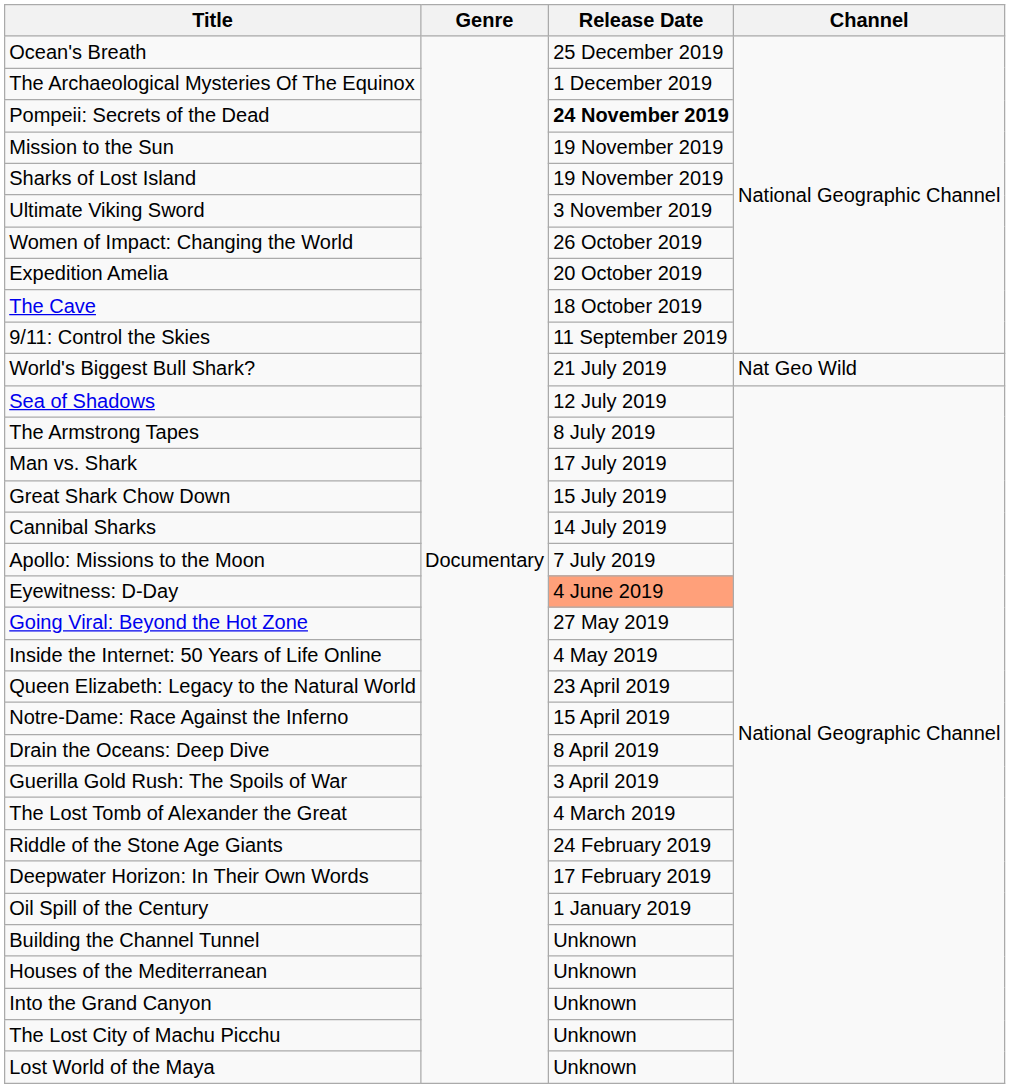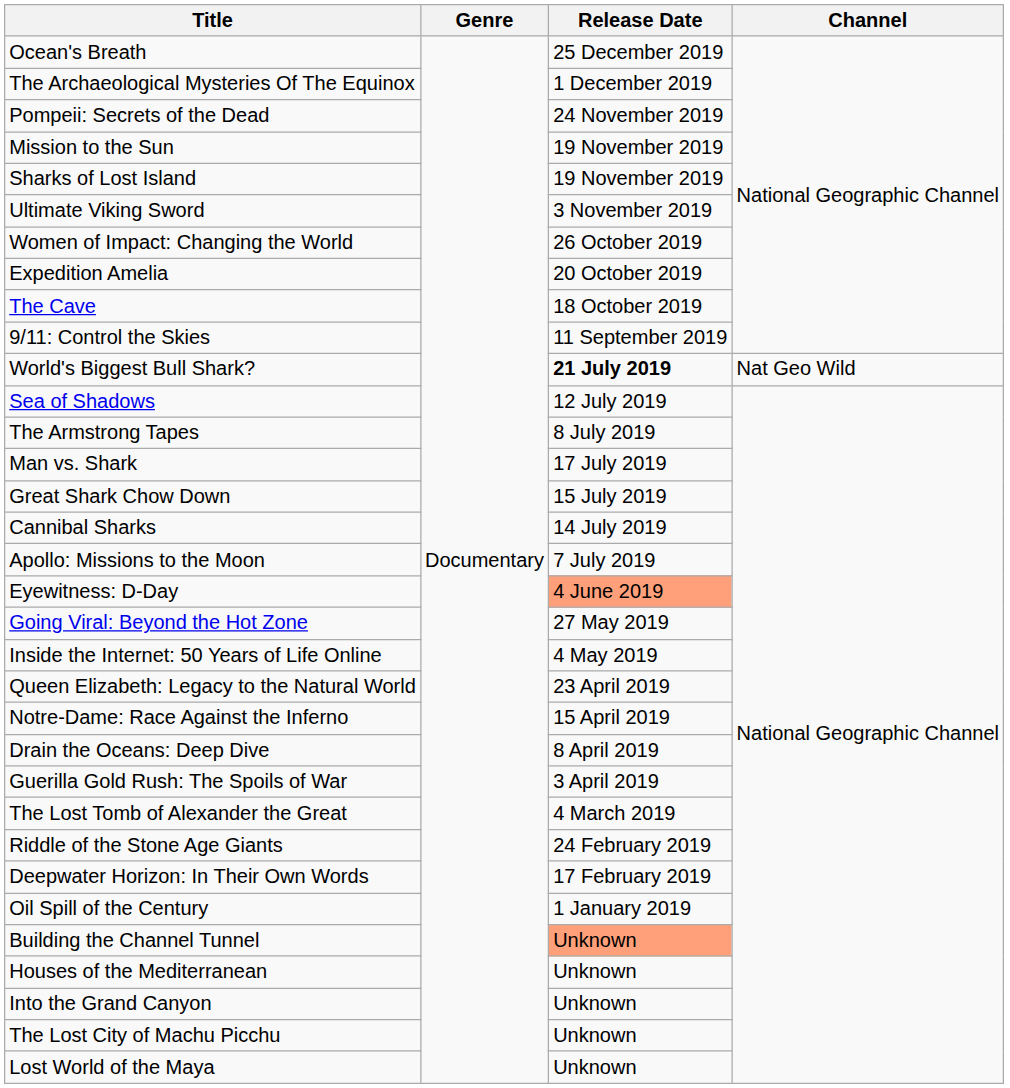 <table class="wikitable sortable">
 <tr>
 <th>Title</th>
 <th>Genre</th>
 <th>Release Date</th>
 <th>Channel</th>
 </tr>
 <tr>
 <td>Ocean's Breath</td>
 <td rowspan="35">Documentary</td>
 <td>25 December 2019</td>
 <td rowspan="10">National Geographic Channel</td>
 </tr>
 <tr>
 <td>The Archaeological Mysteries Of The Equinox</td>
 <td>1 December 2019</td>
 </tr>
 <tr>
 <td>Pompeii: Secrets of the Dead</td>
-<td><strong>24 November 2019</strong></td>
+<td>24 November 2019</td>
 </tr>
 <tr>
 <td>Mission to the Sun</td>
 <td>19 November 2019</td>
 </tr>
 <tr>
 <td>Sharks of Lost Island</td>
 <td>19 November 2019</td>
 </tr>
 <tr>
 <td>Ultimate Viking Sword</td>
 <td>3 November 2019</td>
 </tr>
 <tr>
 <td>Women of Impact: Changing the World</td>
 <td>26 October 2019</td>
 </tr>
 <tr>
 <td>Expedition Amelia</td>
 <td>20 October 2019</td>
 </tr>
 <tr>
 <td><a href='#'>The Cave</a></td>
 <td>18 October 2019</td>
 </tr>
 <tr>
 <td>9/11: Control the Skies</td>
 <td>11 September 2019</td>
 </tr>
 <tr>
 <td>World's Biggest Bull Shark?</td>
-<td>21 July 2019</td>
+<td><strong>21 July 2019</strong></td>
 <td>Nat Geo Wild</td>
 </tr>
 <tr>
 <td><a href='#'>Sea of Shadows</a></td>
 <td>12 July 2019</td>
 <td rowspan="22">National Geographic Channel</td>
 </tr>
 <tr>
 <td>The Armstrong Tapes</td>
 <td>8 July 2019</td>
 </tr>
 <tr>
 <td>Man vs. Shark</td>
 <td>17 July 2019</td>
 </tr>
 <tr>
 <td>Great Shark Chow Down</td>
 <td>15 July 2019</td>
 </tr>
 <tr>
 <td>Cannibal Sharks</td>
 <td>14 July 2019</td>
 </tr>
 <tr>
 <td>Apollo: Missions to the Moon</td>
 <td>7 July 2019</td>
 </tr>
 <tr>
 <td>Eyewitness: D-Day</td>
 <td style="background: lightsalmon;">4 June 2019</td>
 </tr>
 <tr>
 <td><a href='#'>Going Viral: Beyond the Hot Zone</a></td>
 <td>27 May 2019</td>
 </tr>
 <tr>
 <td>Inside the Internet: 50 Years of Life Online</td>
 <td>4 May 2019</td>
 </tr>
 <tr>
 <td>Queen Elizabeth: Legacy to the Natural World</td>
 <td>23 April 2019</td>
 </tr>
 <tr>
 <td>Notre-Dame: Race Against the Inferno</td>
 <td>15 April 2019</td>
 </tr>
 <tr>
 <td>Drain the Oceans: Deep Dive</td>
 <td>8 April 2019</td>
 </tr>
 <tr>
 <td>Guerilla Gold Rush: The Spoils of War</td>
 <td>3 April 2019</td>
 </tr>
 <tr>
 <td>The Lost Tomb of Alexander the Great</td>
 <td>4 March 2019</td>
 </tr>
 <tr>
 <td>Riddle of the Stone Age Giants</td>
 <td>24 February 2019</td>
 </tr>
 <tr>
 <td>Deepwater Horizon: In Their Own Words</td>
 <td>17 February 2019</td>
 </tr>
 <tr>
 <td>Oil Spill of the Century</td>
 <td>1 January 2019</td>
 </tr>
 <tr>
 <td>Building the Channel Tunnel</td>
-<td>Unknown</td>
+<td style="background: lightsalmon;">Unknown</td>
 </tr>
 <tr>
 <td>Houses of the Mediterranean</td>
 <td>Unknown</td>
 </tr>
 <tr>
 <td>Into the Grand Canyon</td>
 <td>Unknown</td>
 </tr>
 <tr>
 <td>The Lost City of Machu Picchu</td>
 <td>Unknown</td>
 </tr>
 <tr>
 <td>Lost World of the Maya</td>
 <td>Unknown</td>
 </tr>
 </table>
